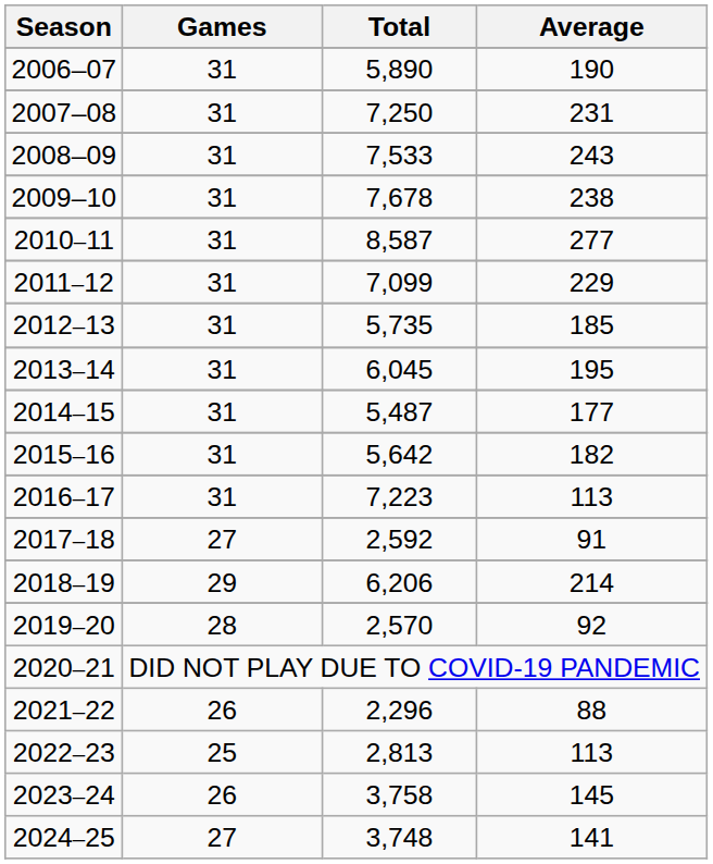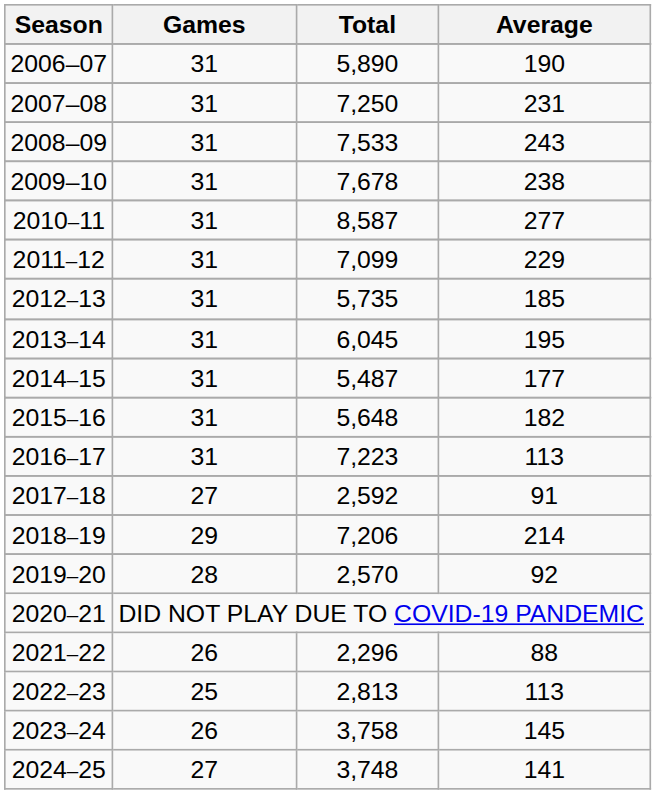 <table class="wikitable" border="1" style="text-align:center; font-size:95%">
 <tr>
 <th rowspan="1">Season</th>
 <th rowspan="1">Games</th>
 <th rowspan="1">Total</th>
 <th rowspan="1">Average</th>
 </tr>
 <tr>
 </tr>
 <tr>
 </tr>
 <tr>
 </tr>
 <tr>
 <td>2006–07</td>
 <td>31</td>
 <td>5,890</td>
 <td>190</td>
 </tr>
 <tr>
 </tr>
 <tr style="text-align:center">
 <td>2007–08</td>
 <td>31</td>
 <td>7,250</td>
 <td>231</td>
 </tr>
 <tr>
 </tr>
 <tr style="text-align:center">
 <td>2008–09</td>
 <td>31</td>
 <td>7,533</td>
 <td>243</td>
 </tr>
 <tr>
 </tr>
 <tr style="text-align:center">
 <td>2009–10</td>
 <td>31</td>
 <td>7,678</td>
 <td>238</td>
 </tr>
 <tr>
 </tr>
 <tr style="text-align:center">
 <td>2010<small>–</small>11</td>
 <td>31</td>
 <td>8,587</td>
 <td>277</td>
 </tr>
 <tr>
 </tr>
 <tr style="text-align:center">
 <td>2011<small>–</small>12</td>
 <td>31</td>
 <td>7,099</td>
 <td>229</td>
 </tr>
 <tr>
 </tr>
 <tr style="text-align:center">
 <td>2012<small>–</small>13</td>
 <td>31</td>
 <td>5,735</td>
 <td>185</td>
 </tr>
 <tr>
 </tr>
 <tr style="text-align:center">
 <td>2013<small>–</small>14</td>
 <td>31</td>
 <td>6,045</td>
 <td>195</td>
 </tr>
 <tr>
 </tr>
 <tr style="text-align:center">
 <td>2014<small>–</small>15</td>
 <td>31</td>
 <td>5,487</td>
 <td>177</td>
 </tr>
 <tr>
 </tr>
 <tr style="text-align:center">
 <td>2015<small>–</small>16</td>
 <td>31</td>
-<td>5,642</td>
+<td>5,648</td>
 <td>182</td>
 </tr>
 <tr>
 </tr>
 <tr style="text-align:center">
 <td>2016<small>–</small>17</td>
 <td>31</td>
 <td>7,223</td>
 <td>113</td>
 </tr>
 <tr>
 </tr>
 <tr style="text-align:center">
 <td>2017<small>–</small>18</td>
 <td>27</td>
 <td>2,592</td>
 <td>91</td>
 </tr>
 <tr>
 </tr>
 <tr style="”text-align:center”">
 <td>2018<small>–</small>19</td>
 <td>29</td>
-<td>6,206</td>
+<td>7,206</td>
 <td>214</td>
 </tr>
 <tr>
 </tr>
 <tr style="“text-align:center”">
 <td>2019<small>–</small>20</td>
 <td>28</td>
 <td>2,570</td>
 <td>92</td>
 </tr>
 <tr>
 <td>2020<small>–</small>21</td>
 <td colspan="3">DID NOT PLAY DUE TO <a href='#'>COVID-19 PANDEMIC</a></td>
 </tr>
 <tr>
 <td>2021<small>–</small>22</td>
 <td>26</td>
 <td>2,296</td>
 <td>88</td>
 </tr>
 <tr>
 <td>2022<small>–</small>23</td>
 <td>25</td>
 <td>2,813</td>
 <td>113</td>
 </tr>
 <tr>
 <td>2023<small>–</small>24</td>
 <td>26</td>
 <td>3,758</td>
 <td>145</td>
 </tr>
 <tr>
 <td>2024<small>–</small>25</td>
 <td>27</td>
 <td>3,748</td>
 <td>141</td>
 </tr>
 </table>
